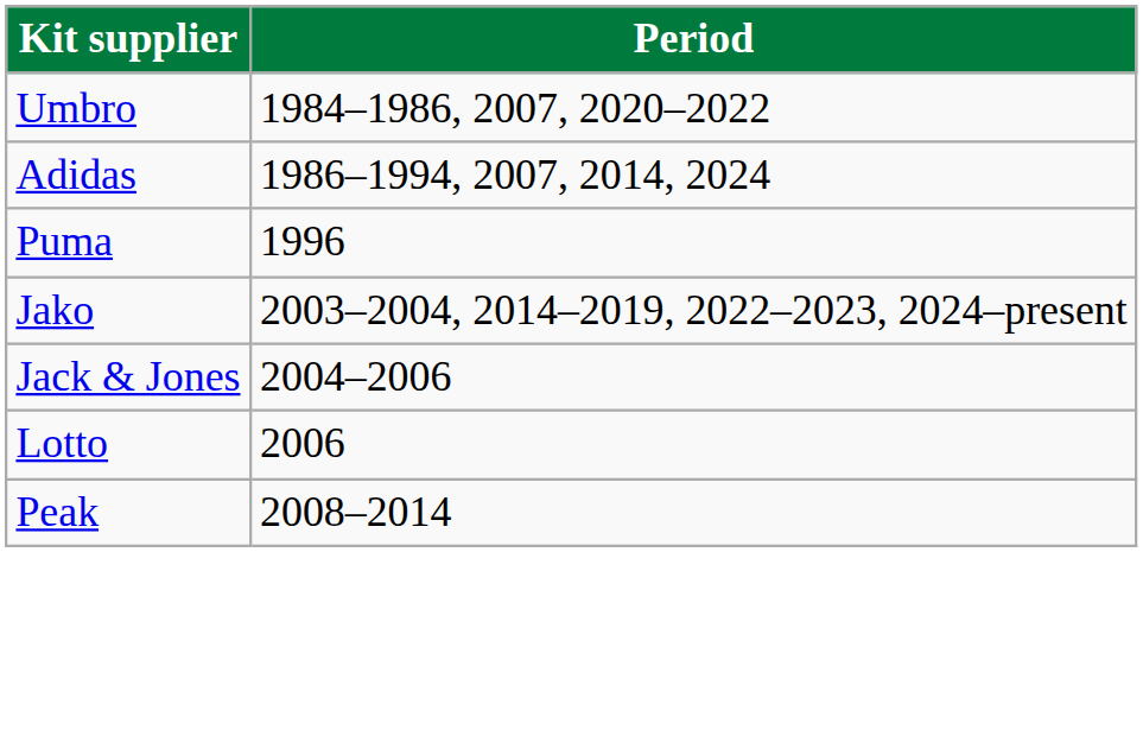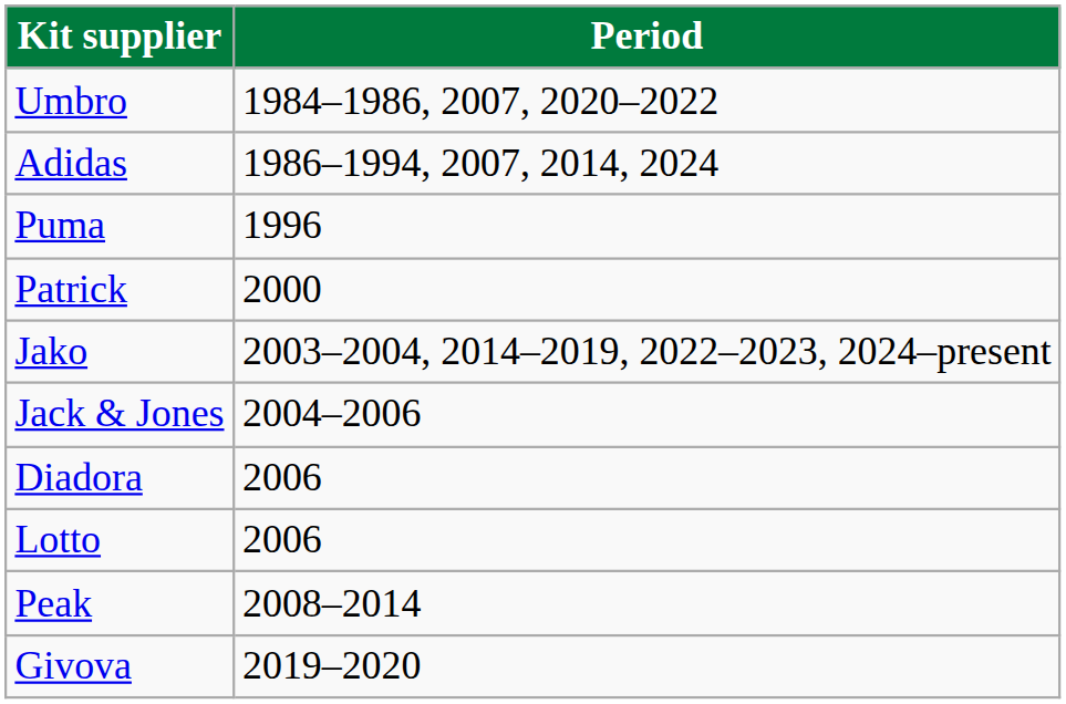 <table class="wikitable" style="text-align:left;">
 <tr>
 <th style="background: #007A3D; color: #FFFFFF;">Kit supplier</th>
 <th style="background: #007A3D; color: #FFFFFF;">Period</th>
 </tr>
 <tr>
 <td> <a href='#'>Umbro</a></td>
 <td>1984–1986, 2007, 2020–2022</td>
 </tr>
 <tr>
 <td> <a href='#'>Adidas</a></td>
 <td>1986–1994, 2007, 2014, 2024</td>
 </tr>
 <tr>
 <td> <a href='#'>Puma</a></td>
 <td>1996</td>
 </tr>
 <tr>
+<td> <a href='#'>Patrick</a></td>
+<td>2000</td>
+</tr>
+<tr>
 <td> <a href='#'>Jako</a></td>
 <td>2003–2004, 2014–2019, 2022–2023, 2024–present</td>
 </tr>
 <tr>
 <td> <a href='#'>Jack & Jones</a></td>
 <td>2004–2006</td>
+</tr>
+<tr>
+<td> <a href='#'>Diadora</a></td>
+<td>2006</td>
 </tr>
 <tr>
 <td> <a href='#'>Lotto</a></td>
 <td>2006</td>
 </tr>
 <tr>
 <td> <a href='#'>Peak</a></td>
 <td>2008–2014</td>
 </tr>
+<tr>
+<td> <a href='#'>Givova</a></td>
+<td>2019–2020</td>
+</tr>
 </table>
